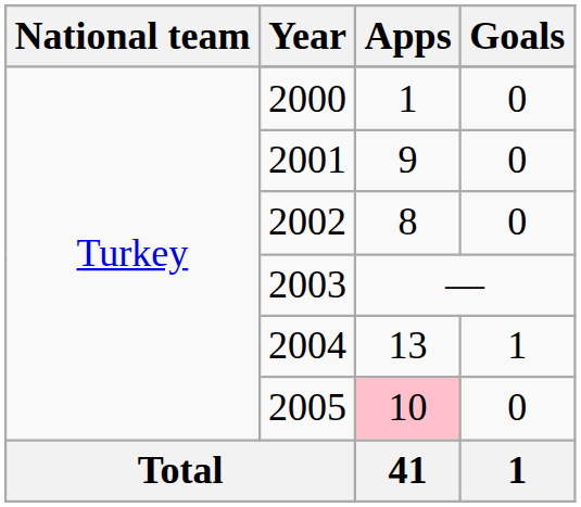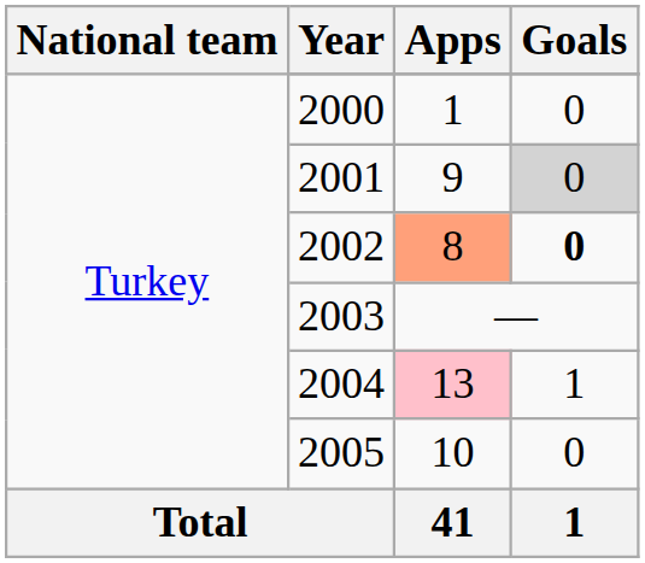 <table class="wikitable" style="text-align:center">
 <tr>
 <th>National team</th>
 <th>Year</th>
 <th>Apps</th>
 <th>Goals</th>
 </tr>
 <tr>
 <td rowspan="7"><a href='#'>Turkey</a></td>
 </tr>
 <tr>
 <td>2000</td>
 <td>1</td>
 <td>0</td>
 </tr>
 <tr>
 <td>2001</td>
 <td>9</td>
-<td>0</td>
+<td style="background: lightgrey;">0</td>
 </tr>
 <tr>
 <td>2002</td>
-<td>8</td>
-<td>0</td>
+<td style="background: lightsalmon;">8</td>
+<td><strong>0</strong></td>
 </tr>
 <tr>
 <td>2003</td>
 <td colspan="2">—</td>
 </tr>
 <tr>
 <td>2004</td>
-<td>13</td>
+<td style="background: pink;">13</td>
 <td>1</td>
 </tr>
 <tr>
 <td>2005</td>
-<td style="background: pink;">10</td>
+<td>10</td>
 <td>0</td>
 </tr>
 <tr>
 <th colspan="2">Total</th>
 <th>41</th>
 <th>1</th>
 </tr>
 </table>
